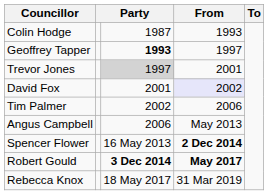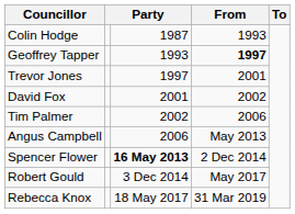 <table class=wikitable>
 <tr>
 <th>Councillor</th>
 <th colspan=2>Party</th>
 <th>From</th>
 <th>To</th>
 </tr>
 <tr>
 <td>Colin Hodge</td>
 <td></td>
 <td align=right>1987</td>
 <td align=right>1993</td>
 </tr>
 <tr>
 <td>Geoffrey Tapper</td>
 <td></td>
-<td align=right><strong>1993</strong></td>
-<td align=right>1997</td>
+<td align=right>1993</td>
+<td align=right><strong>1997</strong></td>
 </tr>
 <tr>
 <td>Trevor Jones</td>
 <td></td>
-<td align=right style="background: lightgrey;">1997</td>
+<td align=right>1997</td>
 <td align=right>2001</td>
 </tr>
 <tr>
 <td>David Fox</td>
 <td></td>
 <td align=right>2001</td>
-<td align=right style="background: lavender;">2002</td>
+<td align=right>2002</td>
 </tr>
 <tr>
 <td>Tim Palmer</td>
 <td></td>
 <td align=right>2002</td>
 <td align=right>2006</td>
 </tr>
 <tr>
 <td>Angus Campbell</td>
 <td></td>
 <td align=right>2006</td>
 <td align=right>May 2013</td>
 </tr>
 <tr>
 <td>Spencer Flower</td>
 <td></td>
-<td align=right>16 May 2013</td>
-<td align=right><strong>2 Dec 2014</strong></td>
+<td align=right><strong>16 May 2013</strong></td>
+<td align=right>2 Dec 2014</td>
 </tr>
 <tr>
 <td>Robert Gould</td>
 <td></td>
-<td align=right><strong>3 Dec 2014</strong></td>
-<td align=right><strong>May 2017</strong></td>
+<td align=right>3 Dec 2014</td>
+<td align=right>May 2017</td>
 </tr>
 <tr>
 <td>Rebecca Knox</td>
 <td></td>
 <td align=right>18 May 2017</td>
 <td align=right>31 Mar 2019</td>
 </tr>
 </table>
